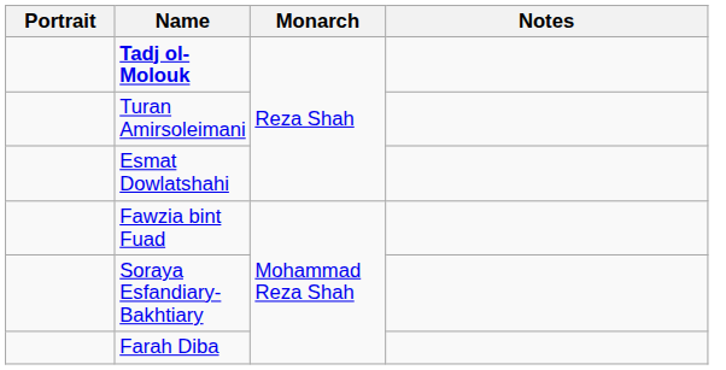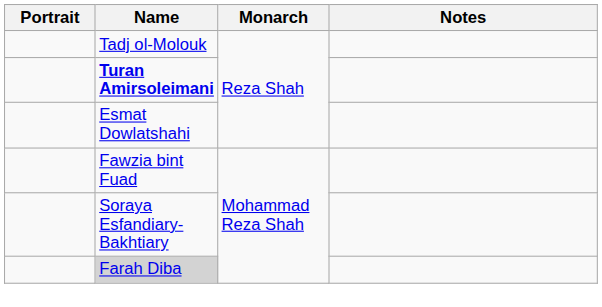 <table class="wikitable">
 <tr>
 <th width="80pt">Portrait</th>
 <th width="100pt">Name</th>
 <th width="100pt">Monarch</th>
 <th width="250pt">Notes</th>
 </tr>
 <tr>
 <td></td>
-<td><strong><a href='#'>Tadj ol-Molouk</a></strong></td>
+<td><a href='#'>Tadj ol-Molouk</a></td>
 <td rowspan="3"><a href='#'>Reza Shah</a></td>
 <td></td>
 </tr>
 <tr>
 <td></td>
-<td><a href='#'>Turan Amirsoleimani</a></td>
+<td><strong><a href='#'>Turan Amirsoleimani</a></strong></td>
 <td></td>
 </tr>
 <tr>
 <td></td>
 <td><a href='#'>Esmat Dowlatshahi</a></td>
 <td></td>
 </tr>
 <tr>
 <td></td>
 <td><a href='#'>Fawzia bint Fuad</a></td>
 <td rowspan="3"><a href='#'>Mohammad Reza Shah</a></td>
 <td></td>
 </tr>
 <tr>
 <td></td>
 <td><a href='#'>Soraya Esfandiary-Bakhtiary</a></td>
 <td></td>
 </tr>
 <tr>
 <td></td>
-<td><a href='#'>Farah Diba</a></td>
+<td style="background: lightgrey;"><a href='#'>Farah Diba</a></td>
 <td></td>
 </tr>
 </table>
